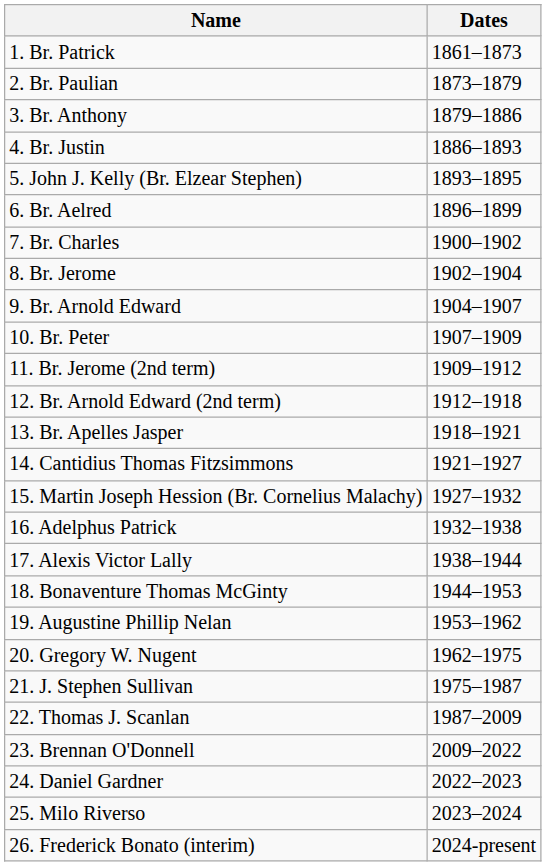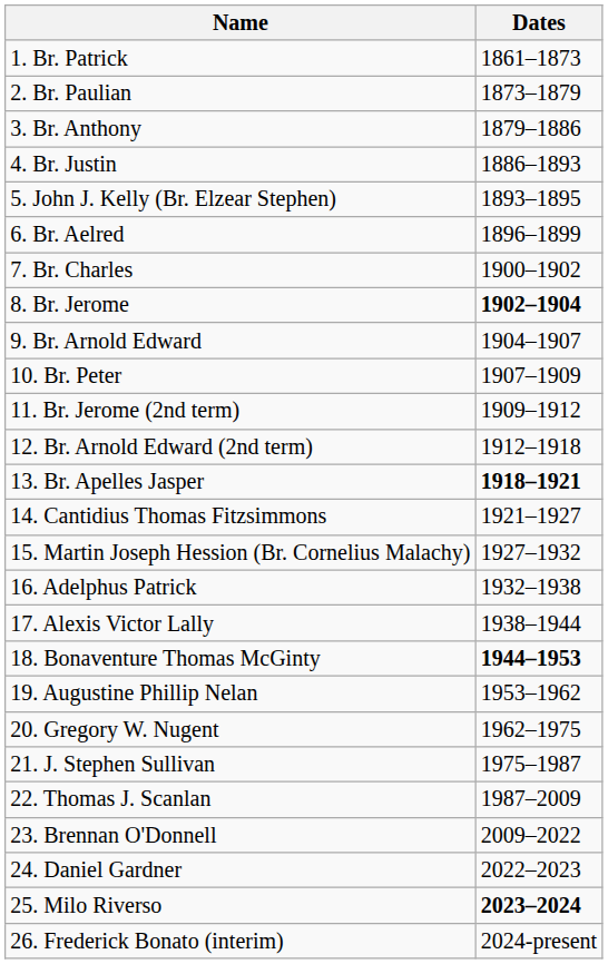 <table class="wikitable">
 <tr>
 <th>Name</th>
 <th>Dates</th>
 </tr>
 <tr>
 <td>1. Br. Patrick</td>
 <td>1861–1873</td>
 </tr>
 <tr>
 <td>2. Br. Paulian</td>
 <td>1873–1879</td>
 </tr>
 <tr>
 <td>3. Br. Anthony</td>
 <td>1879–1886</td>
 </tr>
 <tr>
 <td>4. Br. Justin</td>
 <td>1886–1893</td>
 </tr>
 <tr>
 <td>5. John J. Kelly (Br. Elzear Stephen)</td>
 <td>1893–1895</td>
 </tr>
 <tr>
 <td>6. Br. Aelred</td>
 <td>1896–1899</td>
 </tr>
 <tr>
 <td>7. Br. Charles</td>
 <td>1900–1902</td>
 </tr>
 <tr>
 <td>8. Br. Jerome</td>
-<td>1902–1904</td>
+<td><strong>1902–1904</strong></td>
 </tr>
 <tr>
 <td>9. Br. Arnold Edward</td>
 <td>1904–1907</td>
 </tr>
 <tr>
 <td>10. Br. Peter</td>
 <td>1907–1909</td>
 </tr>
 <tr>
 <td>11. Br. Jerome (2nd term)</td>
 <td>1909–1912</td>
 </tr>
 <tr>
 <td>12. Br. Arnold Edward (2nd term)</td>
 <td>1912–1918</td>
 </tr>
 <tr>
 <td>13. Br. Apelles Jasper</td>
-<td>1918–1921</td>
+<td><strong>1918–1921</strong></td>
 </tr>
 <tr>
 <td>14. Cantidius Thomas Fitzsimmons</td>
 <td>1921–1927</td>
 </tr>
 <tr>
 <td>15. Martin Joseph Hession (Br. Cornelius Malachy)</td>
 <td>1927–1932</td>
 </tr>
 <tr>
 <td>16. Adelphus Patrick</td>
 <td>1932–1938</td>
 </tr>
 <tr>
 <td>17. Alexis Victor Lally</td>
 <td>1938–1944</td>
 </tr>
 <tr>
 <td>18. Bonaventure Thomas McGinty</td>
-<td>1944–1953</td>
+<td><strong>1944–1953</strong></td>
 </tr>
 <tr>
 <td>19. Augustine Phillip Nelan</td>
 <td>1953–1962</td>
 </tr>
 <tr>
 <td>20. Gregory W. Nugent</td>
 <td>1962–1975</td>
 </tr>
 <tr>
 <td>21. J. Stephen Sullivan</td>
 <td>1975–1987</td>
 </tr>
 <tr>
 <td>22. Thomas J. Scanlan</td>
 <td>1987–2009</td>
 </tr>
 <tr>
 <td>23. Brennan O'Donnell</td>
 <td>2009–2022</td>
 </tr>
 <tr>
 <td>24. Daniel Gardner</td>
 <td>2022–2023</td>
 </tr>
 <tr>
 <td>25. Milo Riverso</td>
-<td>2023–2024</td>
+<td><strong>2023–2024</strong></td>
 </tr>
 <tr>
 <td>26. Frederick Bonato (interim)</td>
 <td>2024-present</td>
 </tr>
 </table>
